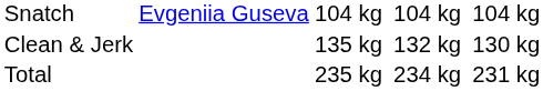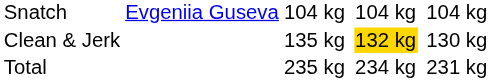 <table>
 <tr>
 <td>Snatch</td>
 <td> <a href='#'>Evgeniia Guseva</a> </td>
 <td>104 kg</td>
 <td></td>
 <td>104 kg</td>
 <td></td>
 <td>104 kg</td>
 </tr>
 <tr>
 <td>Clean & Jerk</td>
 <td></td>
 <td>135 kg</td>
 <td></td>
-<td>132 kg</td>
+<td style="background: gold;">132 kg</td>
 <td></td>
 <td>130 kg</td>
 </tr>
 <tr>
 <td>Total</td>
 <td></td>
 <td>235 kg</td>
 <td></td>
 <td>234 kg</td>
 <td></td>
 <td>231 kg</td>
 </tr>
 </table>
